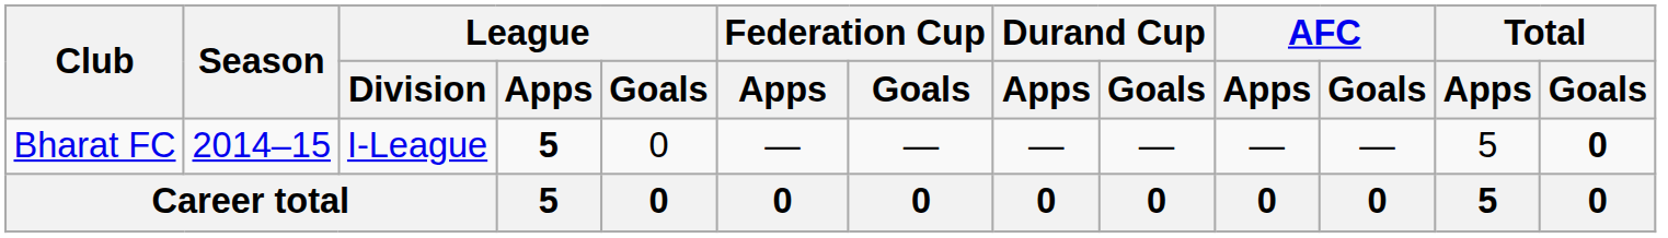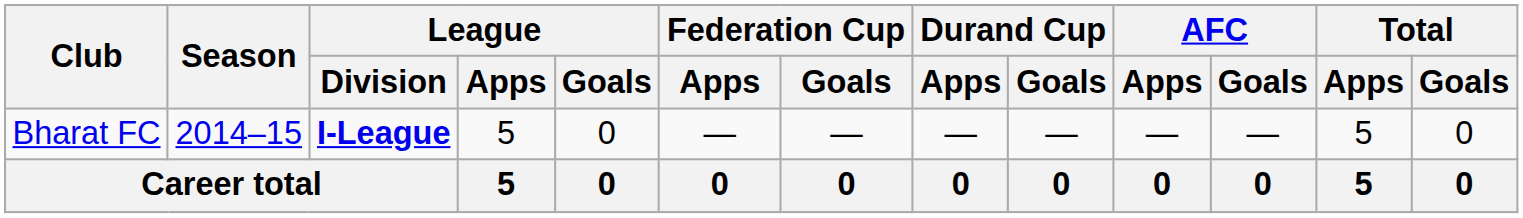 <table class="wikitable" style="text-align: center;">
 <tr>
 <th rowspan="2">Club</th>
 <th rowspan="2">Season</th>
 <th colspan="3">League</th>
 <th colspan="2">Federation Cup</th>
 <th colspan="2">Durand Cup</th>
 <th colspan="2"><a href='#'>AFC</a></th>
 <th colspan="2">Total</th>
 </tr>
 <tr>
 <th>Division</th>
 <th>Apps</th>
 <th>Goals</th>
 <th>Apps</th>
 <th>Goals</th>
 <th>Apps</th>
 <th>Goals</th>
 <th>Apps</th>
 <th>Goals</th>
 <th>Apps</th>
 <th>Goals</th>
 </tr>
 <tr>
 <td rowspan="1"><a href='#'>Bharat FC</a></td>
 <td><a href='#'>2014–15</a></td>
-<td><a href='#'>I-League</a></td>
-<td><strong>5</strong></td>
+<td><strong><a href='#'>I-League</a></strong></td>
+<td>5</td>
 <td>0</td>
 <td>—</td>
 <td>—</td>
 <td>—</td>
 <td>—</td>
 <td>—</td>
 <td>—</td>
 <td>5</td>
-<td><strong>0</strong></td>
+<td>0</td>
 </tr>
 <tr>
 <th colspan="3">Career total</th>
 <th>5</th>
 <th>0</th>
 <th>0</th>
 <th>0</th>
 <th>0</th>
 <th>0</th>
 <th>0</th>
 <th>0</th>
 <th>5</th>
 <th>0</th>
 </tr>
 </table>
